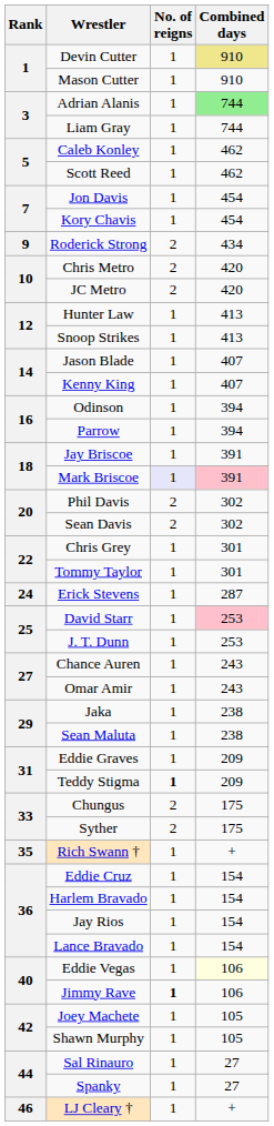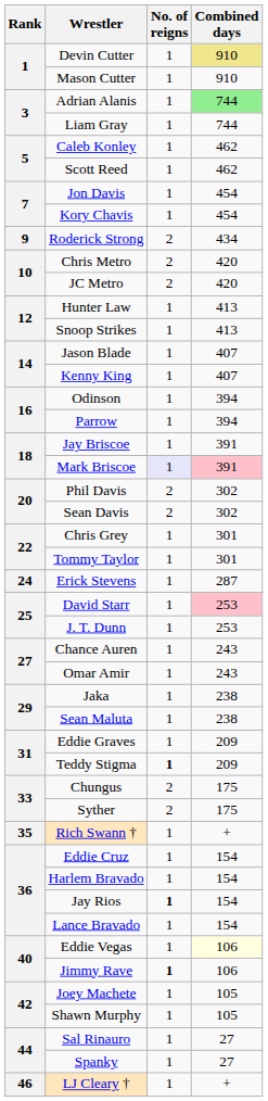 <table class="wikitable sortable" style="text-align: center">
 <tr>
 <th>Rank</th>
 <th>Wrestler</th>
 <th>No. of<br>reigns</th>
 <th>Combined<br>days</th>
 </tr>
 <tr>
 <th rowspan=2>1</th>
 <td>Devin Cutter</td>
 <td>1</td>
 <td style="background: khaki;">910</td>
 </tr>
 <tr>
 <td>Mason Cutter</td>
 <td>1</td>
 <td>910</td>
 </tr>
 <tr>
 <th rowspan=2>3</th>
 <td>Adrian Alanis</td>
 <td>1</td>
 <td style="background: lightgreen;">744</td>
 </tr>
 <tr>
 <td>Liam Gray</td>
 <td>1</td>
 <td>744</td>
 </tr>
 <tr>
 <th rowspan=2>5</th>
 <td><a href='#'>Caleb Konley</a></td>
 <td>1</td>
 <td>462</td>
 </tr>
 <tr>
 <td>Scott Reed</td>
 <td>1</td>
 <td>462</td>
 </tr>
 <tr>
 <th rowspan=2>7</th>
 <td><a href='#'>Jon Davis</a></td>
 <td>1</td>
 <td>454</td>
 </tr>
 <tr>
 <td><a href='#'>Kory Chavis</a></td>
 <td>1</td>
 <td>454</td>
 </tr>
 <tr>
 <th>9</th>
 <td><a href='#'>Roderick Strong</a></td>
 <td>2</td>
 <td>434</td>
 </tr>
 <tr>
 <th rowspan=2>10</th>
 <td>Chris Metro</td>
 <td>2</td>
 <td>420</td>
 </tr>
 <tr>
 <td>JC Metro</td>
 <td>2</td>
 <td>420</td>
 </tr>
 <tr>
 <th rowspan=2>12</th>
 <td>Hunter Law</td>
 <td>1</td>
 <td>413</td>
 </tr>
 <tr>
 <td>Snoop Strikes</td>
 <td>1</td>
 <td>413</td>
 </tr>
 <tr>
 <th rowspan=2>14</th>
 <td>Jason Blade</td>
 <td>1</td>
 <td>407</td>
 </tr>
 <tr>
 <td><a href='#'>Kenny King</a></td>
 <td>1</td>
 <td>407</td>
 </tr>
 <tr>
 <th rowspan=2>16</th>
 <td>Odinson</td>
 <td>1</td>
 <td>394</td>
 </tr>
 <tr>
 <td><a href='#'>Parrow</a></td>
 <td>1</td>
 <td>394</td>
 </tr>
 <tr>
 <th rowspan=2>18</th>
 <td><a href='#'>Jay Briscoe</a></td>
 <td>1</td>
 <td>391</td>
 </tr>
 <tr>
 <td><a href='#'>Mark Briscoe</a></td>
 <td style="background: lavender;">1</td>
 <td style="background: pink;">391</td>
 </tr>
 <tr>
 <th rowspan=2>20</th>
 <td>Phil Davis</td>
 <td>2</td>
 <td>302</td>
 </tr>
 <tr>
 <td>Sean Davis</td>
 <td>2</td>
 <td>302</td>
 </tr>
 <tr>
 <th rowspan=2>22</th>
 <td>Chris Grey</td>
 <td>1</td>
 <td>301</td>
 </tr>
 <tr>
 <td><a href='#'>Tommy Taylor</a></td>
 <td>1</td>
 <td>301</td>
 </tr>
 <tr>
 <th>24</th>
 <td><a href='#'>Erick Stevens</a></td>
 <td>1</td>
 <td>287</td>
 </tr>
 <tr>
 <th rowspan=2>25</th>
 <td><a href='#'>David Starr</a></td>
 <td>1</td>
 <td style="background: pink;">253</td>
 </tr>
 <tr>
 <td><a href='#'>J. T. Dunn</a></td>
 <td>1</td>
 <td>253</td>
 </tr>
 <tr>
 <th rowspan=2>27</th>
 <td>Chance Auren</td>
 <td>1</td>
 <td>243</td>
 </tr>
 <tr>
 <td>Omar Amir</td>
 <td>1</td>
 <td>243</td>
 </tr>
 <tr>
 <th rowspan=2>29</th>
 <td>Jaka</td>
 <td>1</td>
 <td>238</td>
 </tr>
 <tr>
 <td><a href='#'>Sean Maluta</a></td>
 <td>1</td>
 <td>238</td>
 </tr>
 <tr>
 <th rowspan=2>31</th>
 <td>Eddie Graves</td>
 <td>1</td>
 <td>209</td>
 </tr>
 <tr>
 <td>Teddy Stigma</td>
 <td><strong>1</strong></td>
 <td>209</td>
 </tr>
 <tr>
 <th rowspan=2>33</th>
 <td>Chungus</td>
 <td>2</td>
 <td>175</td>
 </tr>
 <tr>
 <td>Syther</td>
 <td>2</td>
 <td>175</td>
 </tr>
 <tr>
 <th>35</th>
 <td style="background-color:#FFE6BD"><a href='#'>Rich Swann</a> †</td>
 <td>1</td>
 <td>+</td>
 </tr>
 <tr>
 <th rowspan=4>36</th>
 <td><a href='#'>Eddie Cruz</a></td>
 <td>1</td>
 <td>154</td>
 </tr>
 <tr>
 <td><a href='#'>Harlem Bravado</a></td>
 <td>1</td>
 <td>154</td>
 </tr>
 <tr>
 <td>Jay Rios</td>
-<td>1</td>
+<td><strong>1</strong></td>
 <td>154</td>
 </tr>
 <tr>
 <td><a href='#'>Lance Bravado</a></td>
 <td>1</td>
 <td>154</td>
 </tr>
 <tr>
 <th rowspan=2>40</th>
 <td>Eddie Vegas</td>
 <td>1</td>
 <td style="background: lightyellow;">106</td>
 </tr>
 <tr>
 <td><a href='#'>Jimmy Rave</a></td>
 <td><strong>1</strong></td>
 <td>106</td>
 </tr>
 <tr>
 <th rowspan=2>42</th>
 <td><a href='#'>Joey Machete</a></td>
 <td>1</td>
 <td>105</td>
 </tr>
 <tr>
 <td>Shawn Murphy</td>
 <td>1</td>
 <td>105</td>
 </tr>
 <tr>
 <th rowspan=2>44</th>
 <td><a href='#'>Sal Rinauro</a></td>
 <td>1</td>
 <td>27</td>
 </tr>
 <tr>
 <td><a href='#'>Spanky</a></td>
 <td>1</td>
 <td>27</td>
 </tr>
 <tr>
 <th>46</th>
 <td style="background-color:#FFE6BD"><a href='#'>LJ Cleary</a> †</td>
 <td>1</td>
 <td>+</td>
 </tr>
 </table>
